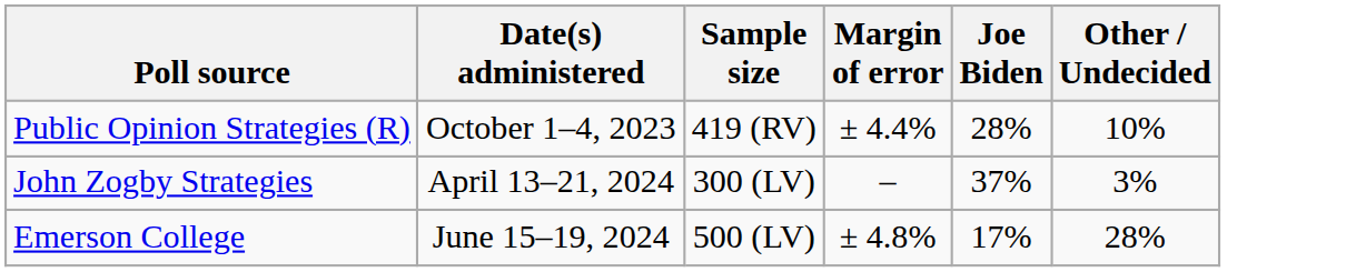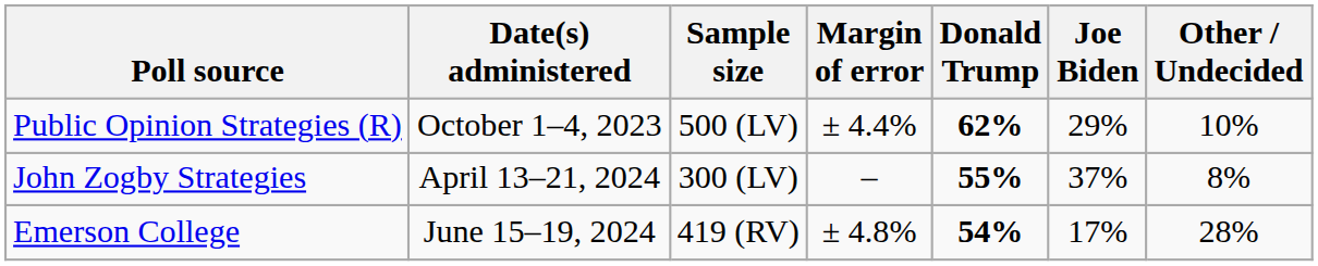 <table class="wikitable sortable mw-datatable" style="font-size:90%;text-align:center;line-height:17px">
 <tr valign=bottom>
 <th>Poll source</th>
 <th>Date(s)<br>administered</th>
 <th>Sample<br>size</th>
 <th>Margin<br>of error</th>
+<th class="unsortable">Donald <br>Trump<br></th>
 <th class="unsortable">Joe<br>Biden<br></th>
 <th class="unsortable">Other /<br>Undecided</th>
 </tr>
 <tr>
 <td style="text-align:left;"><a href='#'>Public Opinion Strategies (R)</a></td>
 <td>October 1–4, 2023</td>
-<td>419 (RV)</td>
+<td>500 (LV)</td>
 <td>± 4.4%</td>
-<td>28%</td>
+<td style="background-color:"><strong>62%</strong></td>
+<td>29%</td>
 <td>10%</td>
 </tr>
 <tr>
 <td style="text-align:left;"><a href='#'>John Zogby Strategies</a></td>
 <td data-sort-value="2024-05-01">April 13–21, 2024</td>
 <td>300 (LV)</td>
 <td>–</td>
+<td style="background-color:"><strong>55%</strong></td>
 <td>37%</td>
-<td>3%</td>
+<td>8%</td>
 </tr>
 <tr>
 <td style="text-align:left;"><a href='#'>Emerson College</a></td>
 <td>June 15–19, 2024</td>
-<td>500 (LV)</td>
+<td>419 (RV)</td>
 <td>± 4.8%</td>
+<td style="background-color:"><strong>54%</strong></td>
 <td>17%</td>
 <td>28%</td>
 </tr>
 </table>
